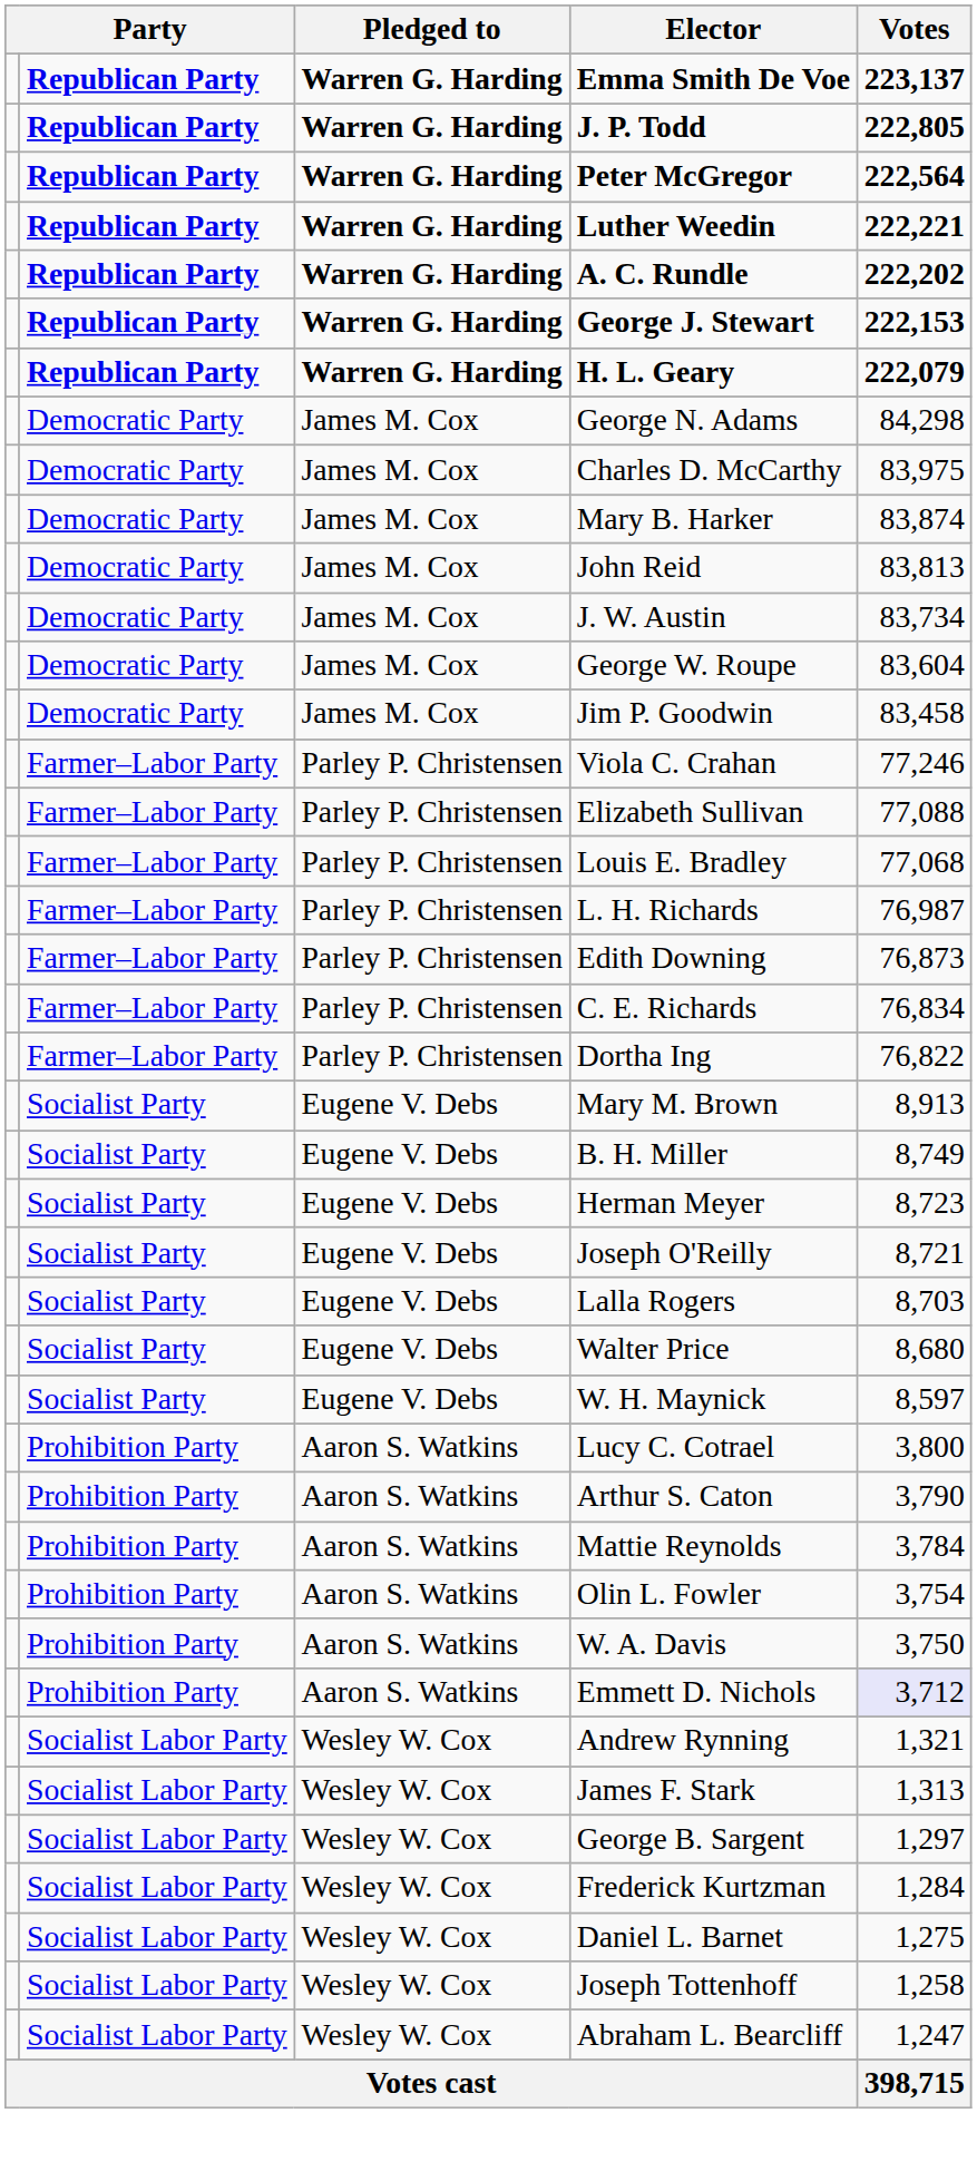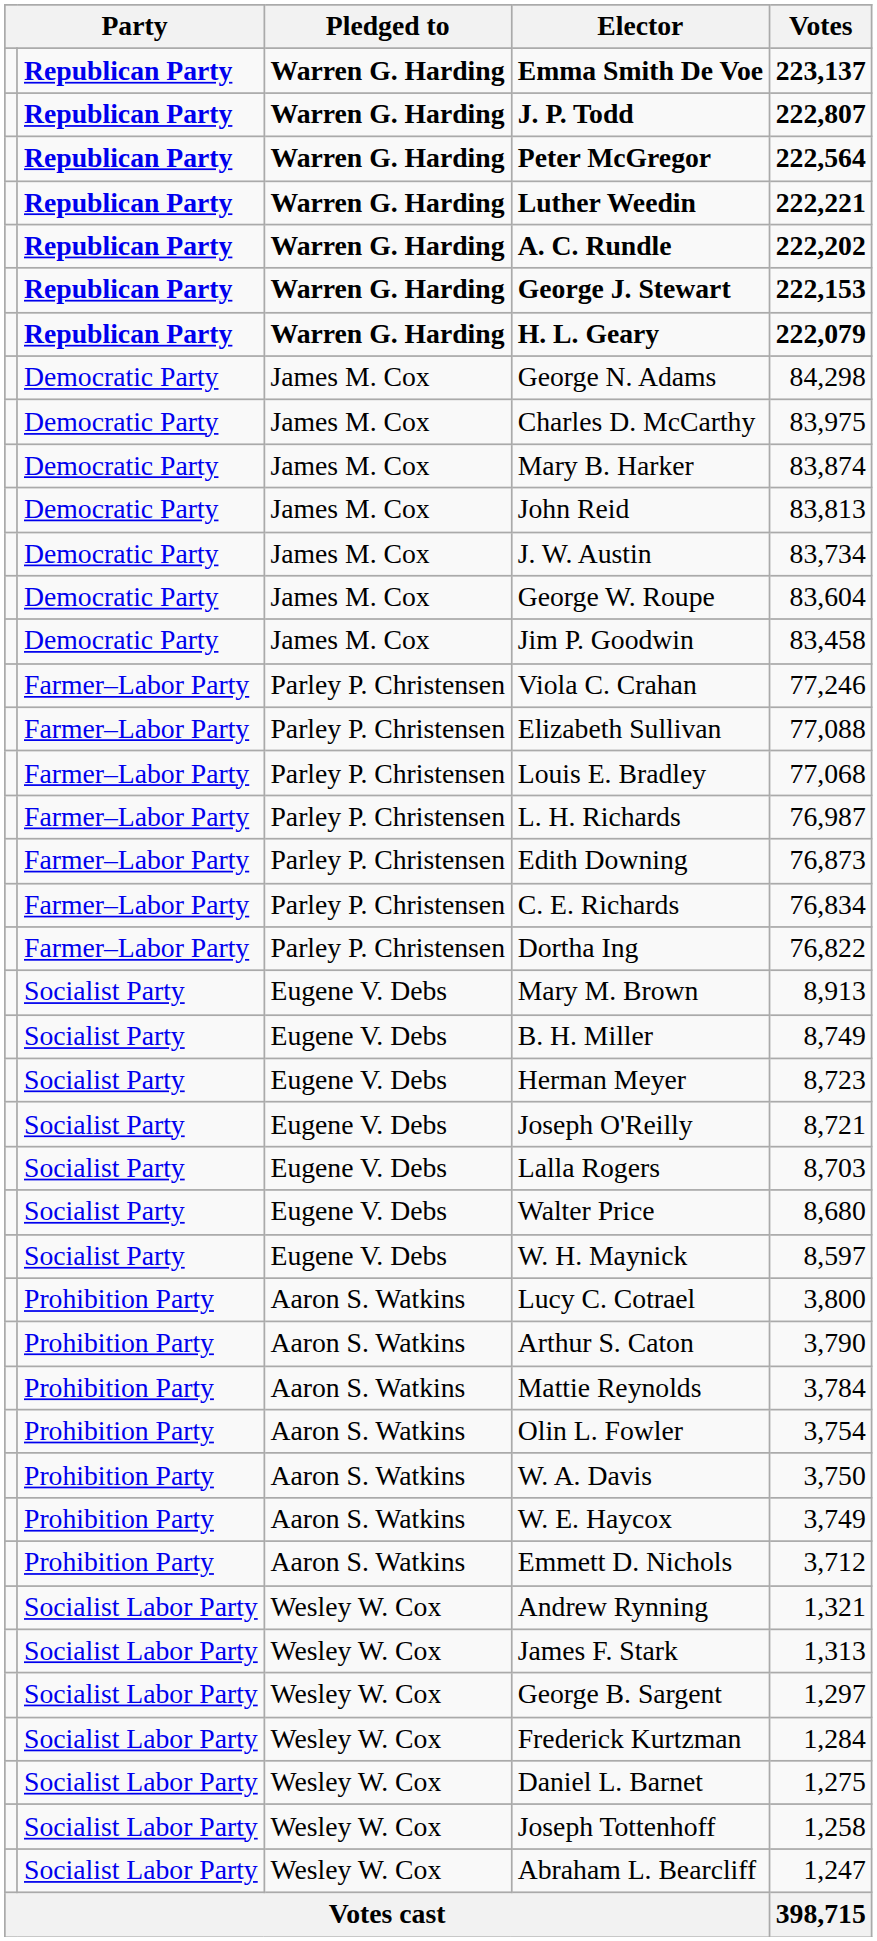 <table class="wikitable">
 <tr>
 <th colspan=2>Party</th>
 <th>Pledged to</th>
 <th>Elector</th>
 <th>Votes</th>
 </tr>
 <tr style="font-weight:bold">
 <td></td>
 <td><a href='#'>Republican Party</a></td>
 <td>Warren G. Harding</td>
 <td>Emma Smith De Voe</td>
 <td align="right">223,137</td>
 </tr>
 <tr style="font-weight:bold">
 <td></td>
 <td><a href='#'>Republican Party</a></td>
 <td>Warren G. Harding</td>
 <td>J. P. Todd</td>
-<td align="right">222,805</td>
+<td align="right">222,807</td>
 </tr>
 <tr style="font-weight:bold">
 <td></td>
 <td><a href='#'>Republican Party</a></td>
 <td>Warren G. Harding</td>
 <td>Peter McGregor</td>
 <td align="right">222,564</td>
 </tr>
 <tr style="font-weight:bold">
 <td></td>
 <td><a href='#'>Republican Party</a></td>
 <td>Warren G. Harding</td>
 <td>Luther Weedin</td>
 <td align="right">222,221</td>
 </tr>
 <tr style="font-weight:bold">
 <td></td>
 <td><a href='#'>Republican Party</a></td>
 <td>Warren G. Harding</td>
 <td>A. C. Rundle</td>
 <td align="right">222,202</td>
 </tr>
 <tr style="font-weight:bold">
 <td></td>
 <td><a href='#'>Republican Party</a></td>
 <td>Warren G. Harding</td>
 <td>George J. Stewart</td>
 <td align="right">222,153</td>
 </tr>
 <tr style="font-weight:bold">
 <td></td>
 <td><a href='#'>Republican Party</a></td>
 <td>Warren G. Harding</td>
 <td>H. L. Geary</td>
 <td align="right">222,079</td>
 </tr>
 <tr>
 <td></td>
 <td><a href='#'>Democratic Party</a></td>
 <td>James M. Cox</td>
 <td>George N. Adams</td>
 <td align="right">84,298</td>
 </tr>
 <tr>
 <td></td>
 <td><a href='#'>Democratic Party</a></td>
 <td>James M. Cox</td>
 <td>Charles D. McCarthy</td>
 <td align="right">83,975</td>
 </tr>
 <tr>
 <td></td>
 <td><a href='#'>Democratic Party</a></td>
 <td>James M. Cox</td>
 <td>Mary B. Harker</td>
 <td align="right">83,874</td>
 </tr>
 <tr>
 <td></td>
 <td><a href='#'>Democratic Party</a></td>
 <td>James M. Cox</td>
 <td>John Reid</td>
 <td align="right">83,813</td>
 </tr>
 <tr>
 <td></td>
 <td><a href='#'>Democratic Party</a></td>
 <td>James M. Cox</td>
 <td>J. W. Austin</td>
 <td align="right">83,734</td>
 </tr>
 <tr>
 <td></td>
 <td><a href='#'>Democratic Party</a></td>
 <td>James M. Cox</td>
 <td>George W. Roupe</td>
 <td align="right">83,604</td>
 </tr>
 <tr>
 <td></td>
 <td><a href='#'>Democratic Party</a></td>
 <td>James M. Cox</td>
 <td>Jim P. Goodwin</td>
 <td align="right">83,458</td>
 </tr>
 <tr>
 <td></td>
 <td><a href='#'>Farmer–Labor Party</a></td>
 <td>Parley P. Christensen</td>
 <td>Viola C. Crahan</td>
 <td align="right">77,246</td>
 </tr>
 <tr>
 <td></td>
 <td><a href='#'>Farmer–Labor Party</a></td>
 <td>Parley P. Christensen</td>
 <td>Elizabeth Sullivan</td>
 <td align="right">77,088</td>
 </tr>
 <tr>
 <td></td>
 <td><a href='#'>Farmer–Labor Party</a></td>
 <td>Parley P. Christensen</td>
 <td>Louis E. Bradley</td>
 <td align="right">77,068</td>
 </tr>
 <tr>
 <td></td>
 <td><a href='#'>Farmer–Labor Party</a></td>
 <td>Parley P. Christensen</td>
 <td>L. H. Richards</td>
 <td align="right">76,987</td>
 </tr>
 <tr>
 <td></td>
 <td><a href='#'>Farmer–Labor Party</a></td>
 <td>Parley P. Christensen</td>
 <td>Edith Downing</td>
 <td align="right">76,873</td>
 </tr>
 <tr>
 <td></td>
 <td><a href='#'>Farmer–Labor Party</a></td>
 <td>Parley P. Christensen</td>
 <td>C. E. Richards</td>
 <td align="right">76,834</td>
 </tr>
 <tr>
 <td></td>
 <td><a href='#'>Farmer–Labor Party</a></td>
 <td>Parley P. Christensen</td>
 <td>Dortha Ing</td>
 <td align="right">76,822</td>
 </tr>
 <tr>
 <td></td>
 <td><a href='#'>Socialist Party</a></td>
 <td>Eugene V. Debs</td>
 <td>Mary M. Brown</td>
 <td align="right">8,913</td>
 </tr>
 <tr>
 <td></td>
 <td><a href='#'>Socialist Party</a></td>
 <td>Eugene V. Debs</td>
 <td>B. H. Miller</td>
 <td align="right">8,749</td>
 </tr>
 <tr>
 <td></td>
 <td><a href='#'>Socialist Party</a></td>
 <td>Eugene V. Debs</td>
 <td>Herman Meyer</td>
 <td align="right">8,723</td>
 </tr>
 <tr>
 <td></td>
 <td><a href='#'>Socialist Party</a></td>
 <td>Eugene V. Debs</td>
 <td>Joseph O'Reilly</td>
 <td align="right">8,721</td>
 </tr>
 <tr>
 <td></td>
 <td><a href='#'>Socialist Party</a></td>
 <td>Eugene V. Debs</td>
 <td>Lalla Rogers</td>
 <td align="right">8,703</td>
 </tr>
 <tr>
 <td></td>
 <td><a href='#'>Socialist Party</a></td>
 <td>Eugene V. Debs</td>
 <td>Walter Price</td>
 <td align="right">8,680</td>
 </tr>
 <tr>
 <td></td>
 <td><a href='#'>Socialist Party</a></td>
 <td>Eugene V. Debs</td>
 <td>W. H. Maynick</td>
 <td align="right">8,597</td>
 </tr>
 <tr>
 <td></td>
 <td><a href='#'>Prohibition Party</a></td>
 <td>Aaron S. Watkins</td>
 <td>Lucy C. Cotrael</td>
 <td align="right">3,800</td>
 </tr>
 <tr>
 <td></td>
 <td><a href='#'>Prohibition Party</a></td>
 <td>Aaron S. Watkins</td>
 <td>Arthur S. Caton</td>
 <td align="right">3,790</td>
 </tr>
 <tr>
 <td></td>
 <td><a href='#'>Prohibition Party</a></td>
 <td>Aaron S. Watkins</td>
 <td>Mattie Reynolds</td>
 <td align="right">3,784</td>
 </tr>
 <tr>
 <td></td>
 <td><a href='#'>Prohibition Party</a></td>
 <td>Aaron S. Watkins</td>
 <td>Olin L. Fowler</td>
 <td align="right">3,754</td>
 </tr>
 <tr>
 <td></td>
 <td><a href='#'>Prohibition Party</a></td>
 <td>Aaron S. Watkins</td>
 <td>W. A. Davis</td>
 <td align="right">3,750</td>
 </tr>
 <tr>
 <td></td>
 <td><a href='#'>Prohibition Party</a></td>
 <td>Aaron S. Watkins</td>
+<td>W. E. Haycox</td>
+<td align="right">3,749</td>
+</tr>
+<tr>
+<td></td>
+<td><a href='#'>Prohibition Party</a></td>
+<td>Aaron S. Watkins</td>
 <td>Emmett D. Nichols</td>
-<td align="right" style="background: lavender;">3,712</td>
+<td align="right">3,712</td>
 </tr>
 <tr>
 <td></td>
 <td><a href='#'>Socialist Labor Party</a></td>
 <td>Wesley W. Cox</td>
 <td>Andrew Rynning</td>
 <td align="right">1,321</td>
 </tr>
 <tr>
 <td></td>
 <td><a href='#'>Socialist Labor Party</a></td>
 <td>Wesley W. Cox</td>
 <td>James F. Stark</td>
 <td align="right">1,313</td>
 </tr>
 <tr>
 <td></td>
 <td><a href='#'>Socialist Labor Party</a></td>
 <td>Wesley W. Cox</td>
 <td>George B. Sargent</td>
 <td align="right">1,297</td>
 </tr>
 <tr>
 <td></td>
 <td><a href='#'>Socialist Labor Party</a></td>
 <td>Wesley W. Cox</td>
 <td>Frederick Kurtzman</td>
 <td align="right">1,284</td>
 </tr>
 <tr>
 <td></td>
 <td><a href='#'>Socialist Labor Party</a></td>
 <td>Wesley W. Cox</td>
 <td>Daniel L. Barnet</td>
 <td align="right">1,275</td>
 </tr>
 <tr>
 <td></td>
 <td><a href='#'>Socialist Labor Party</a></td>
 <td>Wesley W. Cox</td>
 <td>Joseph Tottenhoff</td>
 <td align="right">1,258</td>
 </tr>
 <tr>
 <td></td>
 <td><a href='#'>Socialist Labor Party</a></td>
 <td>Wesley W. Cox</td>
 <td>Abraham L. Bearcliff</td>
 <td align="right">1,247</td>
 </tr>
 <tr>
 <th colspan="4">Votes cast</th>
 <th>398,715</th>
 </tr>
 </table>
